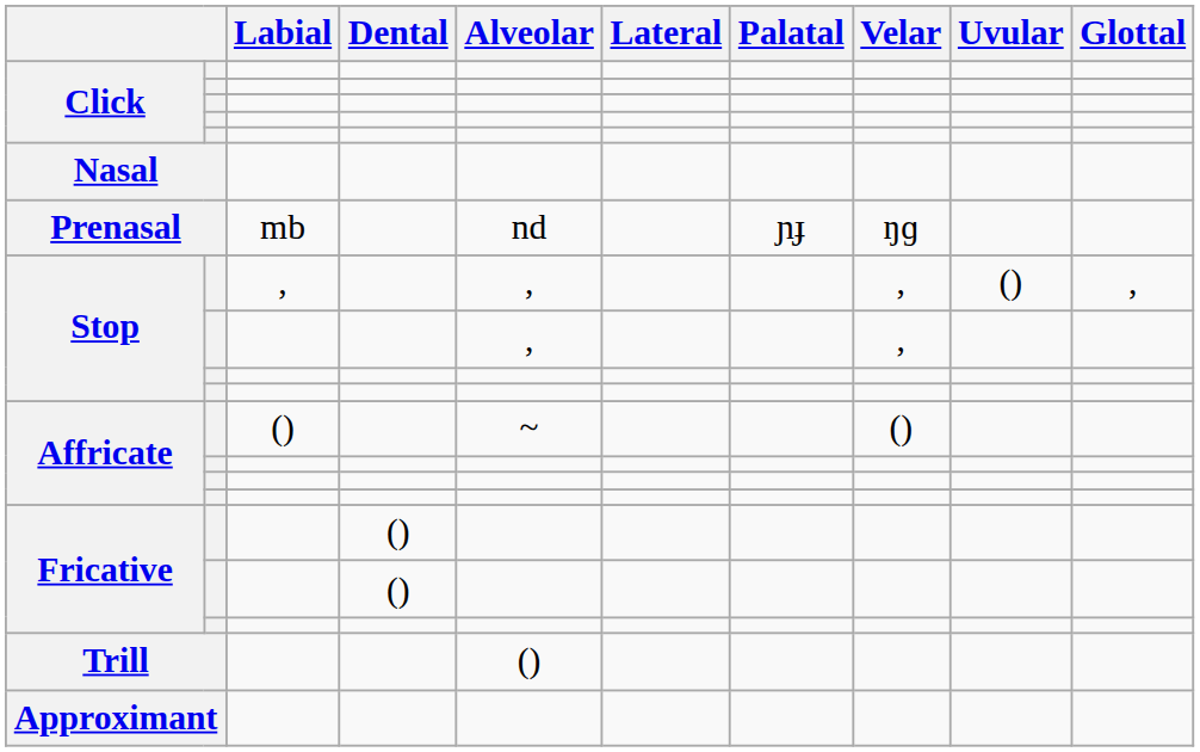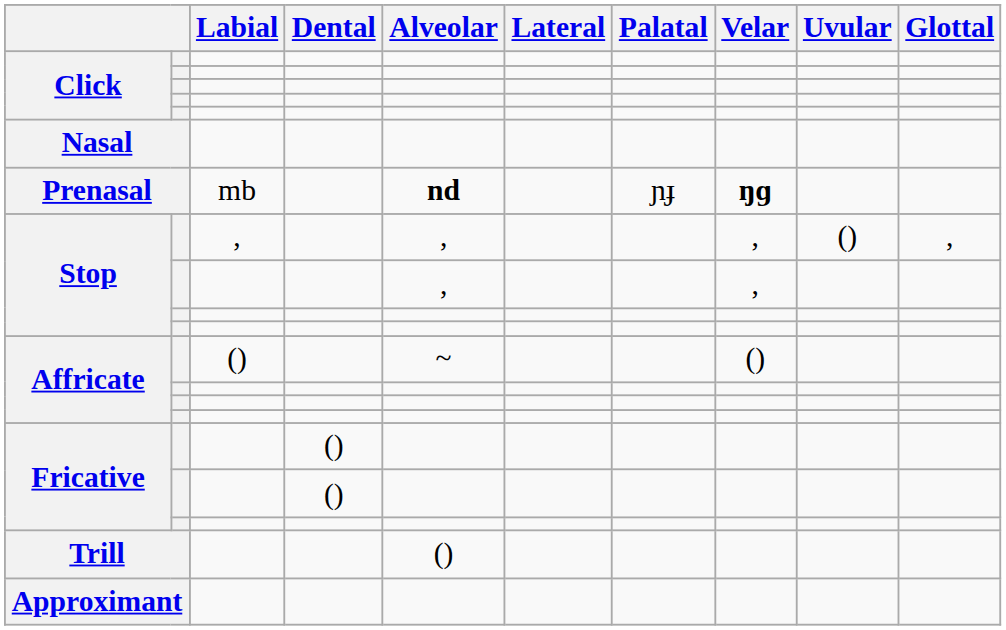 <table class="wikitable" style="text-align:center;">
 <tr>
 <th colspan="2"></th>
 <th><a href='#'>Labial</a></th>
 <th><a href='#'>Dental</a></th>
 <th><a href='#'>Alveolar</a></th>
 <th><a href='#'>Lateral</a></th>
 <th><a href='#'>Palatal</a></th>
 <th><a href='#'>Velar</a></th>
 <th><a href='#'>Uvular</a></th>
 <th><a href='#'>Glottal</a></th>
 </tr>
 <tr>
 <th rowspan="5"><a href='#'>Click</a></th>
 <th></th>
 <td></td>
 <td></td>
 <td></td>
 <td></td>
 <td></td>
 <td></td>
 <td></td>
 <td></td>
 </tr>
 <tr>
 <th></th>
 <td></td>
 <td></td>
 <td></td>
 <td></td>
 <td></td>
 <td></td>
 <td></td>
 <td></td>
 </tr>
 <tr>
 <th></th>
 <td></td>
 <td></td>
 <td></td>
 <td></td>
 <td></td>
 <td></td>
 <td></td>
 <td></td>
 </tr>
 <tr>
 <th></th>
 <td></td>
 <td></td>
 <td></td>
 <td></td>
 <td></td>
 <td></td>
 <td></td>
 <td></td>
 </tr>
 <tr>
 <th></th>
 <td></td>
 <td></td>
 <td></td>
 <td></td>
 <td></td>
 <td></td>
 <td></td>
 <td></td>
 </tr>
 <tr>
 <th colspan="2"><a href='#'>Nasal</a></th>
 <td></td>
 <td></td>
 <td></td>
 <td></td>
 <td></td>
 <td></td>
 <td></td>
 <td></td>
 </tr>
 <tr>
 <th colspan="2"><a href='#'>Prenasal</a></th>
 <td>mb</td>
 <td></td>
-<td>nd</td>
+<td><strong>nd</strong></td>
 <td></td>
 <td>ɲɟ</td>
-<td>ŋɡ</td>
+<td><strong>ŋɡ</strong></td>
 <td></td>
 <td></td>
 </tr>
 <tr>
 <th rowspan="4"><a href='#'>Stop</a></th>
 <th></th>
 <td>, </td>
 <td></td>
 <td>, </td>
 <td></td>
 <td></td>
 <td>, </td>
 <td>()</td>
 <td>, </td>
 </tr>
 <tr>
 <th></th>
 <td></td>
 <td></td>
 <td>, </td>
 <td></td>
 <td></td>
 <td>, </td>
 <td></td>
 <td></td>
 </tr>
 <tr>
 <th></th>
 <td></td>
 <td></td>
 <td></td>
 <td></td>
 <td></td>
 <td></td>
 <td></td>
 <td></td>
 </tr>
 <tr>
 <th></th>
 <td></td>
 <td></td>
 <td></td>
 <td></td>
 <td></td>
 <td></td>
 <td></td>
 <td></td>
 </tr>
 <tr>
 <th rowspan="4"><a href='#'>Affricate</a></th>
 <th></th>
 <td>()</td>
 <td></td>
 <td>~</td>
 <td></td>
 <td></td>
 <td>()</td>
 <td></td>
 <td></td>
 </tr>
 <tr>
 <th></th>
 <td></td>
 <td></td>
 <td></td>
 <td></td>
 <td></td>
 <td></td>
 <td></td>
 <td></td>
 </tr>
 <tr>
 <th></th>
 <td></td>
 <td></td>
 <td></td>
 <td></td>
 <td></td>
 <td></td>
 <td></td>
 <td></td>
 </tr>
 <tr>
 <th></th>
 <td></td>
 <td></td>
 <td></td>
 <td></td>
 <td></td>
 <td></td>
 <td></td>
 <td></td>
 </tr>
 <tr>
 <th rowspan="3"><a href='#'>Fricative</a></th>
 <th></th>
 <td></td>
 <td>()</td>
 <td></td>
 <td></td>
 <td></td>
 <td></td>
 <td></td>
 <td></td>
 </tr>
 <tr>
 <th></th>
 <td></td>
 <td>()</td>
 <td></td>
 <td></td>
 <td></td>
 <td></td>
 <td></td>
 <td></td>
 </tr>
 <tr>
 <th></th>
 <td></td>
 <td></td>
 <td></td>
 <td></td>
 <td></td>
 <td></td>
 <td></td>
 <td></td>
 </tr>
 <tr>
 <th colspan="2"><a href='#'>Trill</a></th>
 <td></td>
 <td></td>
 <td>()</td>
 <td></td>
 <td></td>
 <td></td>
 <td></td>
 <td></td>
 </tr>
 <tr>
 <th colspan="2"><a href='#'>Approximant</a></th>
 <td></td>
 <td></td>
 <td></td>
 <td></td>
 <td></td>
 <td></td>
 <td></td>
 <td></td>
 </tr>
 </table>
